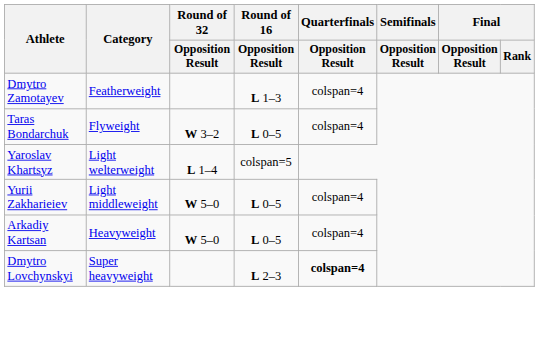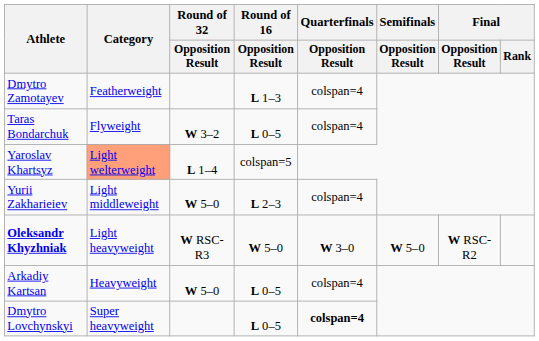 <table class="wikitable" style="text-align:center; font-size:90%">
 <tr>
 <th rowspan=2>Athlete</th>
 <th rowspan=2>Category</th>
 <th>Round of 32</th>
 <th>Round of 16</th>
 <th>Quarterfinals</th>
 <th>Semifinals</th>
 <th colspan=2>Final</th>
 </tr>
 <tr style="font-size:95%">
 <th>Opposition<br>Result</th>
 <th>Opposition<br>Result</th>
 <th>Opposition<br>Result</th>
 <th>Opposition<br>Result</th>
 <th>Opposition<br>Result</th>
 <th>Rank</th>
 </tr>
 <tr>
 <td align=left><a href='#'>Dmytro Zamotayev</a></td>
 <td align=left><a href='#'>Featherweight</a></td>
 <td></td>
 <td><br><strong>L</strong> 1–3</td>
 <td>colspan=4 </td>
 </tr>
 <tr>
 <td align=left><a href='#'>Taras Bondarchuk</a></td>
 <td align=left><a href='#'>Flyweight</a></td>
 <td><br><strong>W</strong> 3–2</td>
 <td><br><strong>L</strong> 0–5</td>
 <td>colspan=4 </td>
 </tr>
 <tr>
 <td align=left><a href='#'>Yaroslav Khartsyz</a></td>
-<td align=left><a href='#'>Light welterweight</a></td>
+<td align=left style="background: lightsalmon;"><a href='#'>Light welterweight</a></td>
 <td><br><strong>L</strong> 1–4</td>
 <td>colspan=5 </td>
 </tr>
 <tr>
 <td align=left><a href='#'>Yurii Zakharieiev</a></td>
 <td align=left><a href='#'>Light middleweight</a></td>
 <td><br><strong>W</strong> 5–0</td>
-<td><br><strong>L</strong> 0–5</td>
+<td><br><strong>L</strong> 2–3</td>
 <td>colspan=4 </td>
+</tr>
+<tr>
+<td align=left><strong><a href='#'>Oleksandr Khyzhniak</a></strong></td>
+<td align=left><a href='#'>Light heavyweight</a></td>
+<td><br><strong>W</strong> RSC-R3</td>
+<td><br><strong>W</strong> 5–0</td>
+<td><br><strong>W</strong> 3–0</td>
+<td><br><strong>W</strong> 5–0</td>
+<td><br><strong>W</strong> RSC-R2</td>
+<td></td>
 </tr>
 <tr>
 <td align=left><a href='#'>Arkadiy Kartsan</a></td>
 <td align=left><a href='#'>Heavyweight</a></td>
 <td><br><strong>W</strong> 5–0</td>
 <td><br><strong>L</strong> 0–5</td>
 <td>colspan=4 </td>
 </tr>
 <tr>
 <td align=left><a href='#'>Dmytro Lovchynskyi</a></td>
 <td align=left><a href='#'>Super heavyweight</a></td>
 <td></td>
-<td><br><strong>L</strong> 2–3</td>
+<td><br><strong>L</strong> 0–5</td>
 <td><strong>colspan=4 </strong></td>
 </tr>
 </table>
